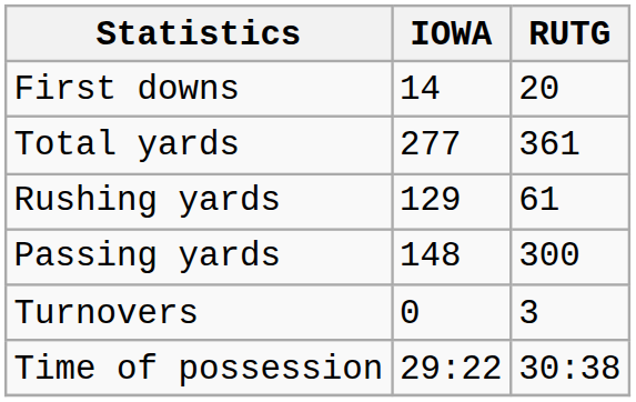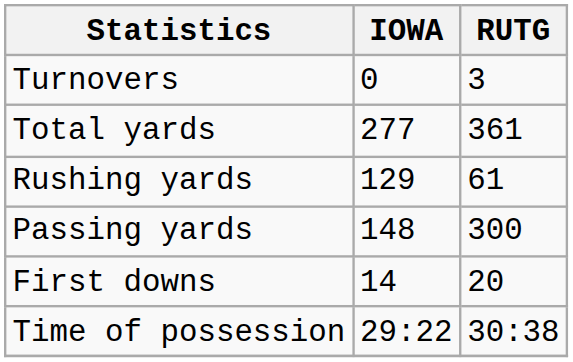 <table class="wikitable">
 <tr>
 <th>Statistics</th>
 <th>IOWA</th>
 <th>RUTG</th>
 </tr>
 <tr>
-<td>First downs</td>
-<td>14</td>
-<td>20</td>
+<td>Turnovers</td>
+<td>0</td>
+<td>3</td>
 </tr>
 <tr>
 <td>Total yards</td>
 <td>277</td>
 <td>361</td>
 </tr>
 <tr>
 <td>Rushing yards</td>
 <td>129</td>
 <td>61</td>
 </tr>
 <tr>
 <td>Passing yards</td>
 <td>148</td>
 <td>300</td>
 </tr>
 <tr>
-<td>Turnovers</td>
-<td>0</td>
-<td>3</td>
+<td>First downs</td>
+<td>14</td>
+<td>20</td>
 </tr>
 <tr>
 <td>Time of possession</td>
 <td>29:22</td>
 <td>30:38</td>
 </tr>
 <tr>
 </tr>
 </table>
